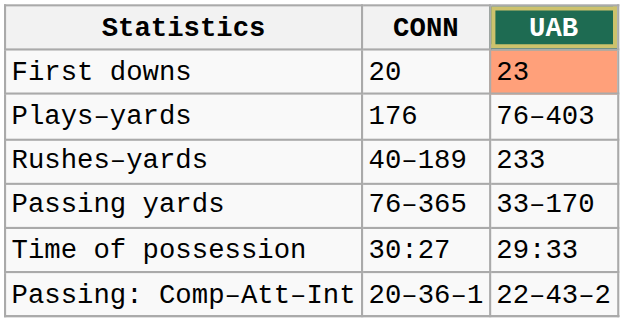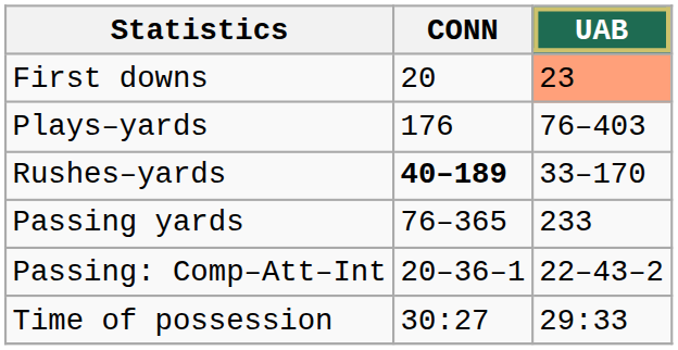 <table class="wikitable" style="float: left;">
 <tr>
 <th>Statistics</th>
 <th>CONN</th>
 <th style="background-color:#1E6B52;color:#FFFFFF;box-shadow: inset 2px 2px 0 #CDC26C, inset -2px -2px 0 #CDC26C">UAB</th>
 </tr>
 <tr>
 <td>First downs</td>
 <td>20</td>
 <td style="background: lightsalmon;">23</td>
 </tr>
 <tr>
 <td>Plays–yards</td>
 <td>176</td>
 <td>76–403</td>
 </tr>
 <tr>
 <td>Rushes–yards</td>
-<td>40–189</td>
-<td>233</td>
+<td><strong>40–189</strong></td>
+<td>33–170</td>
 </tr>
 <tr>
 <td>Passing yards</td>
 <td>76–365</td>
-<td>33–170</td>
+<td>233</td>
+</tr>
+<tr>
+<td>Passing: Comp–Att–Int</td>
+<td>20–36–1</td>
+<td>22–43–2</td>
 </tr>
 <tr>
 <td>Time of possession</td>
 <td>30:27</td>
 <td>29:33</td>
 </tr>
 <tr>
-<td>Passing: Comp–Att–Int</td>
-<td>20–36–1</td>
-<td>22–43–2</td>
-</tr>
-<tr>
 </tr>
 </table>
